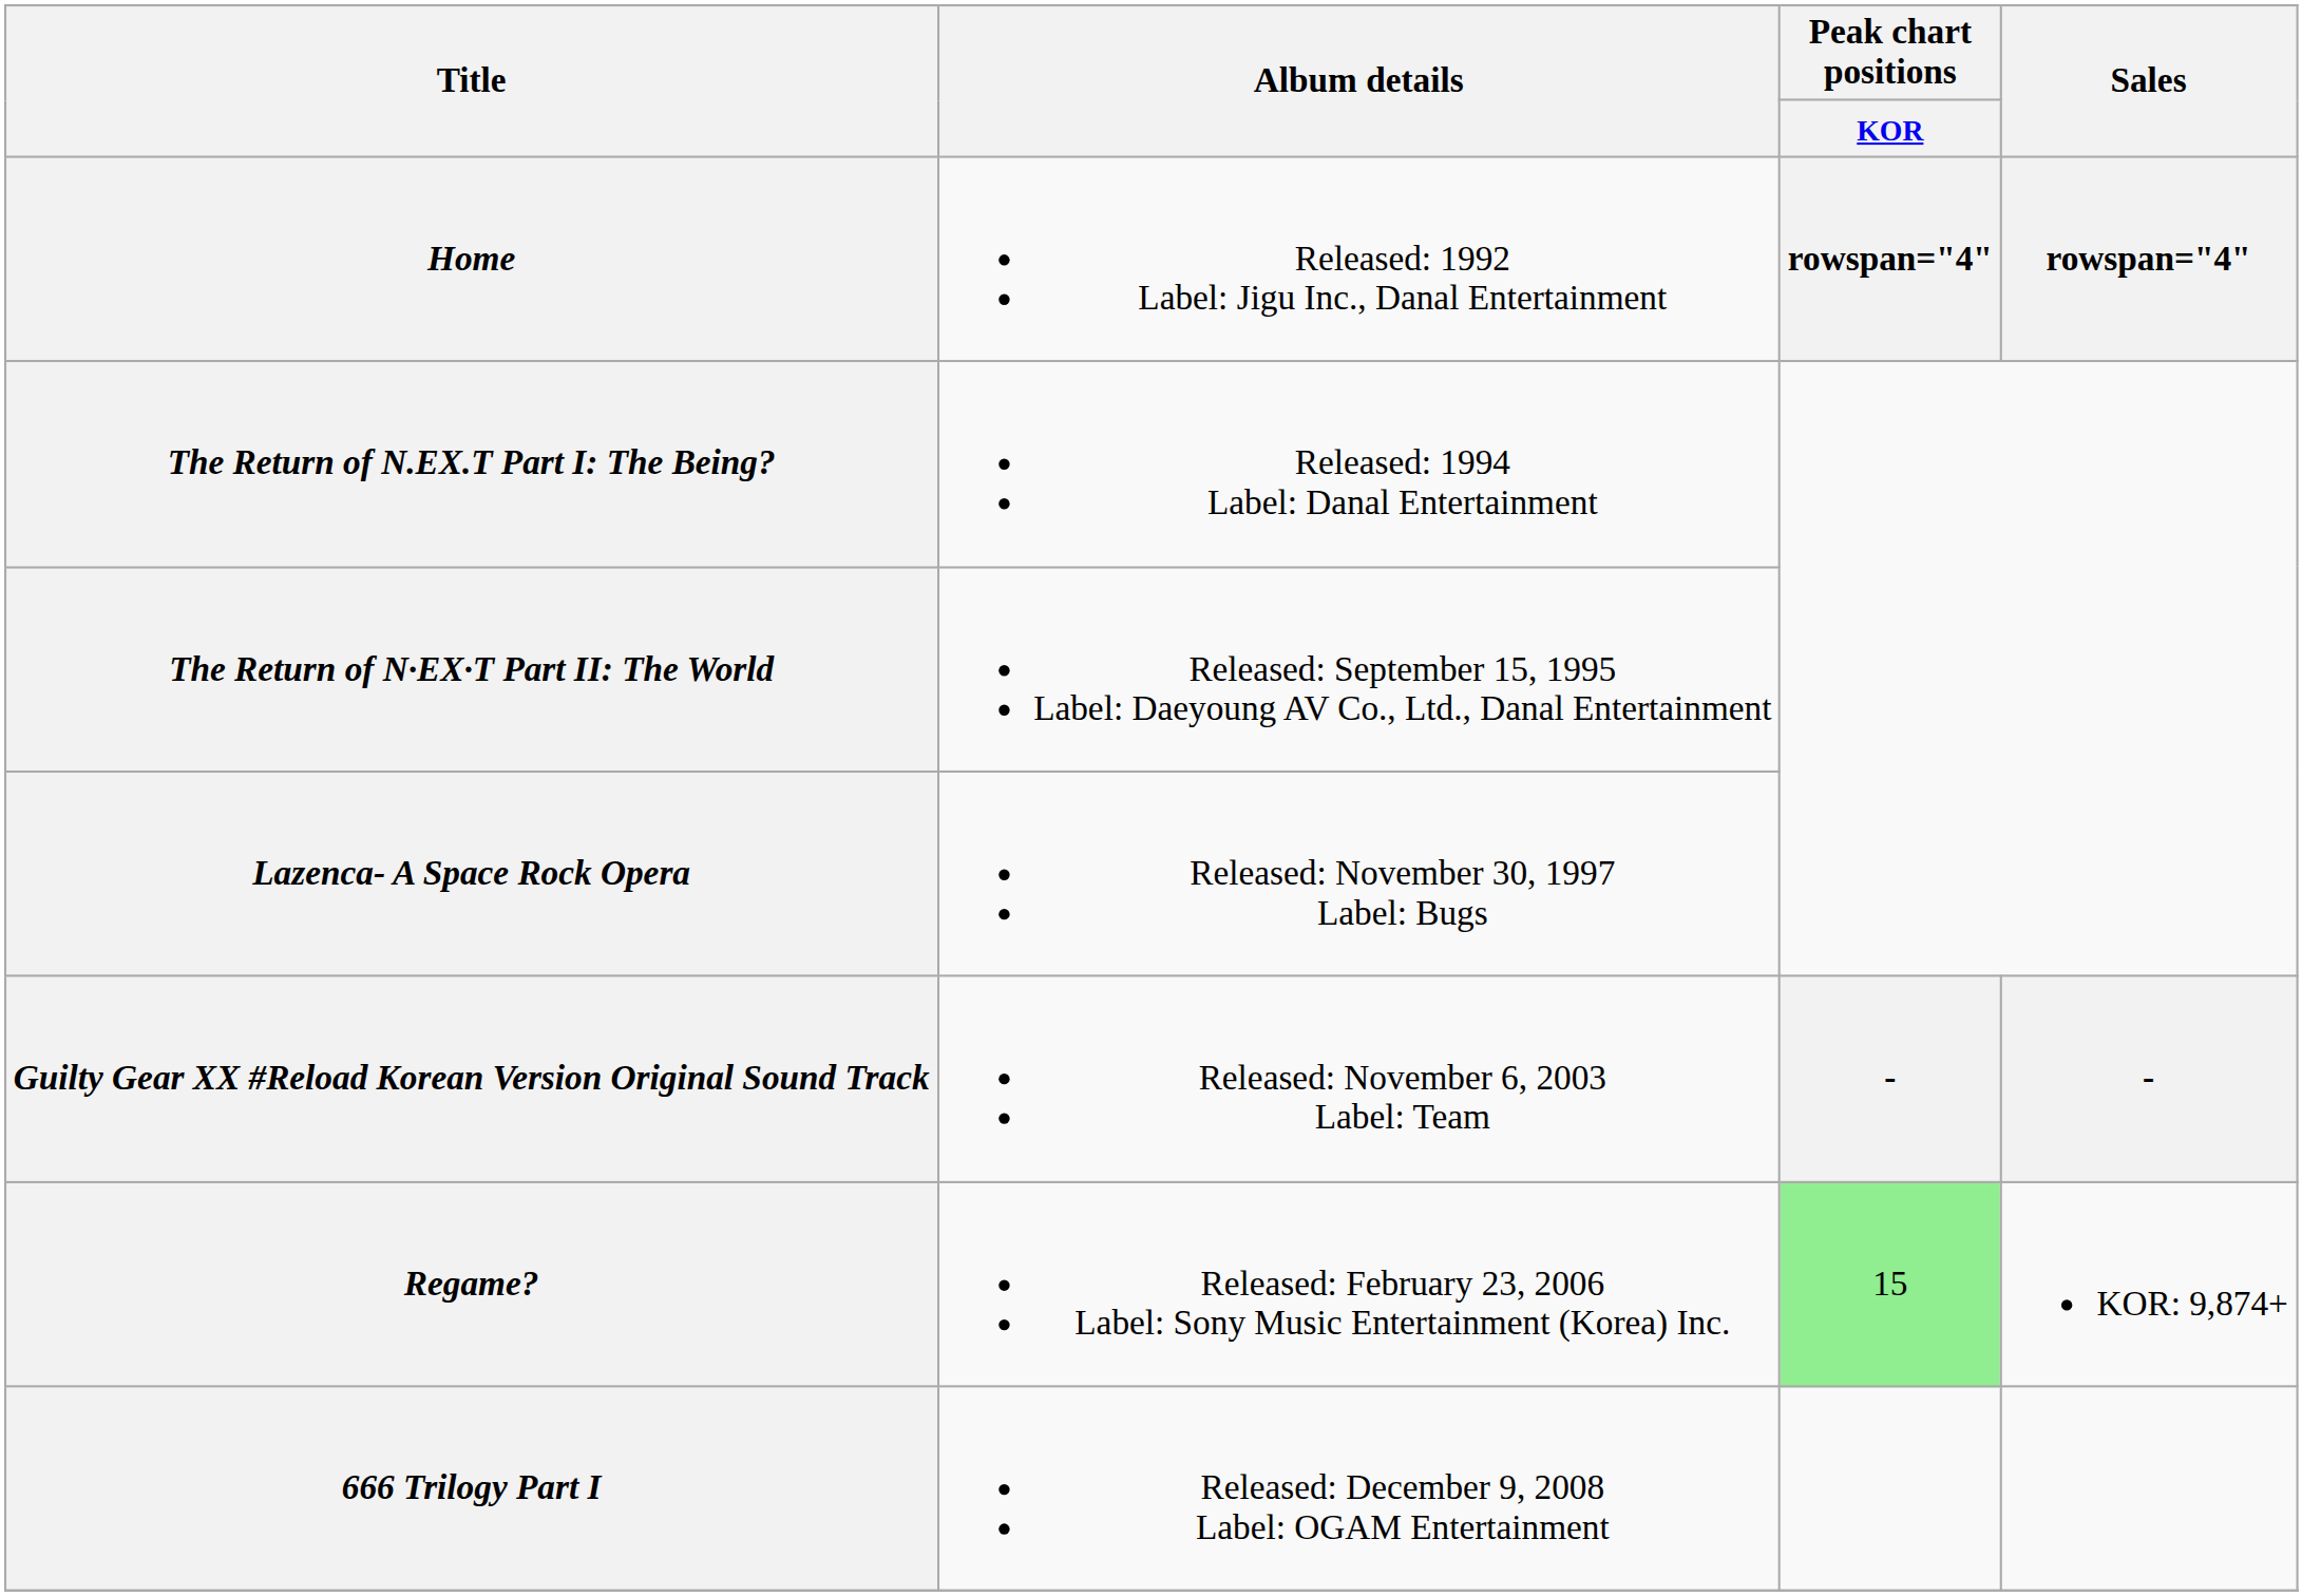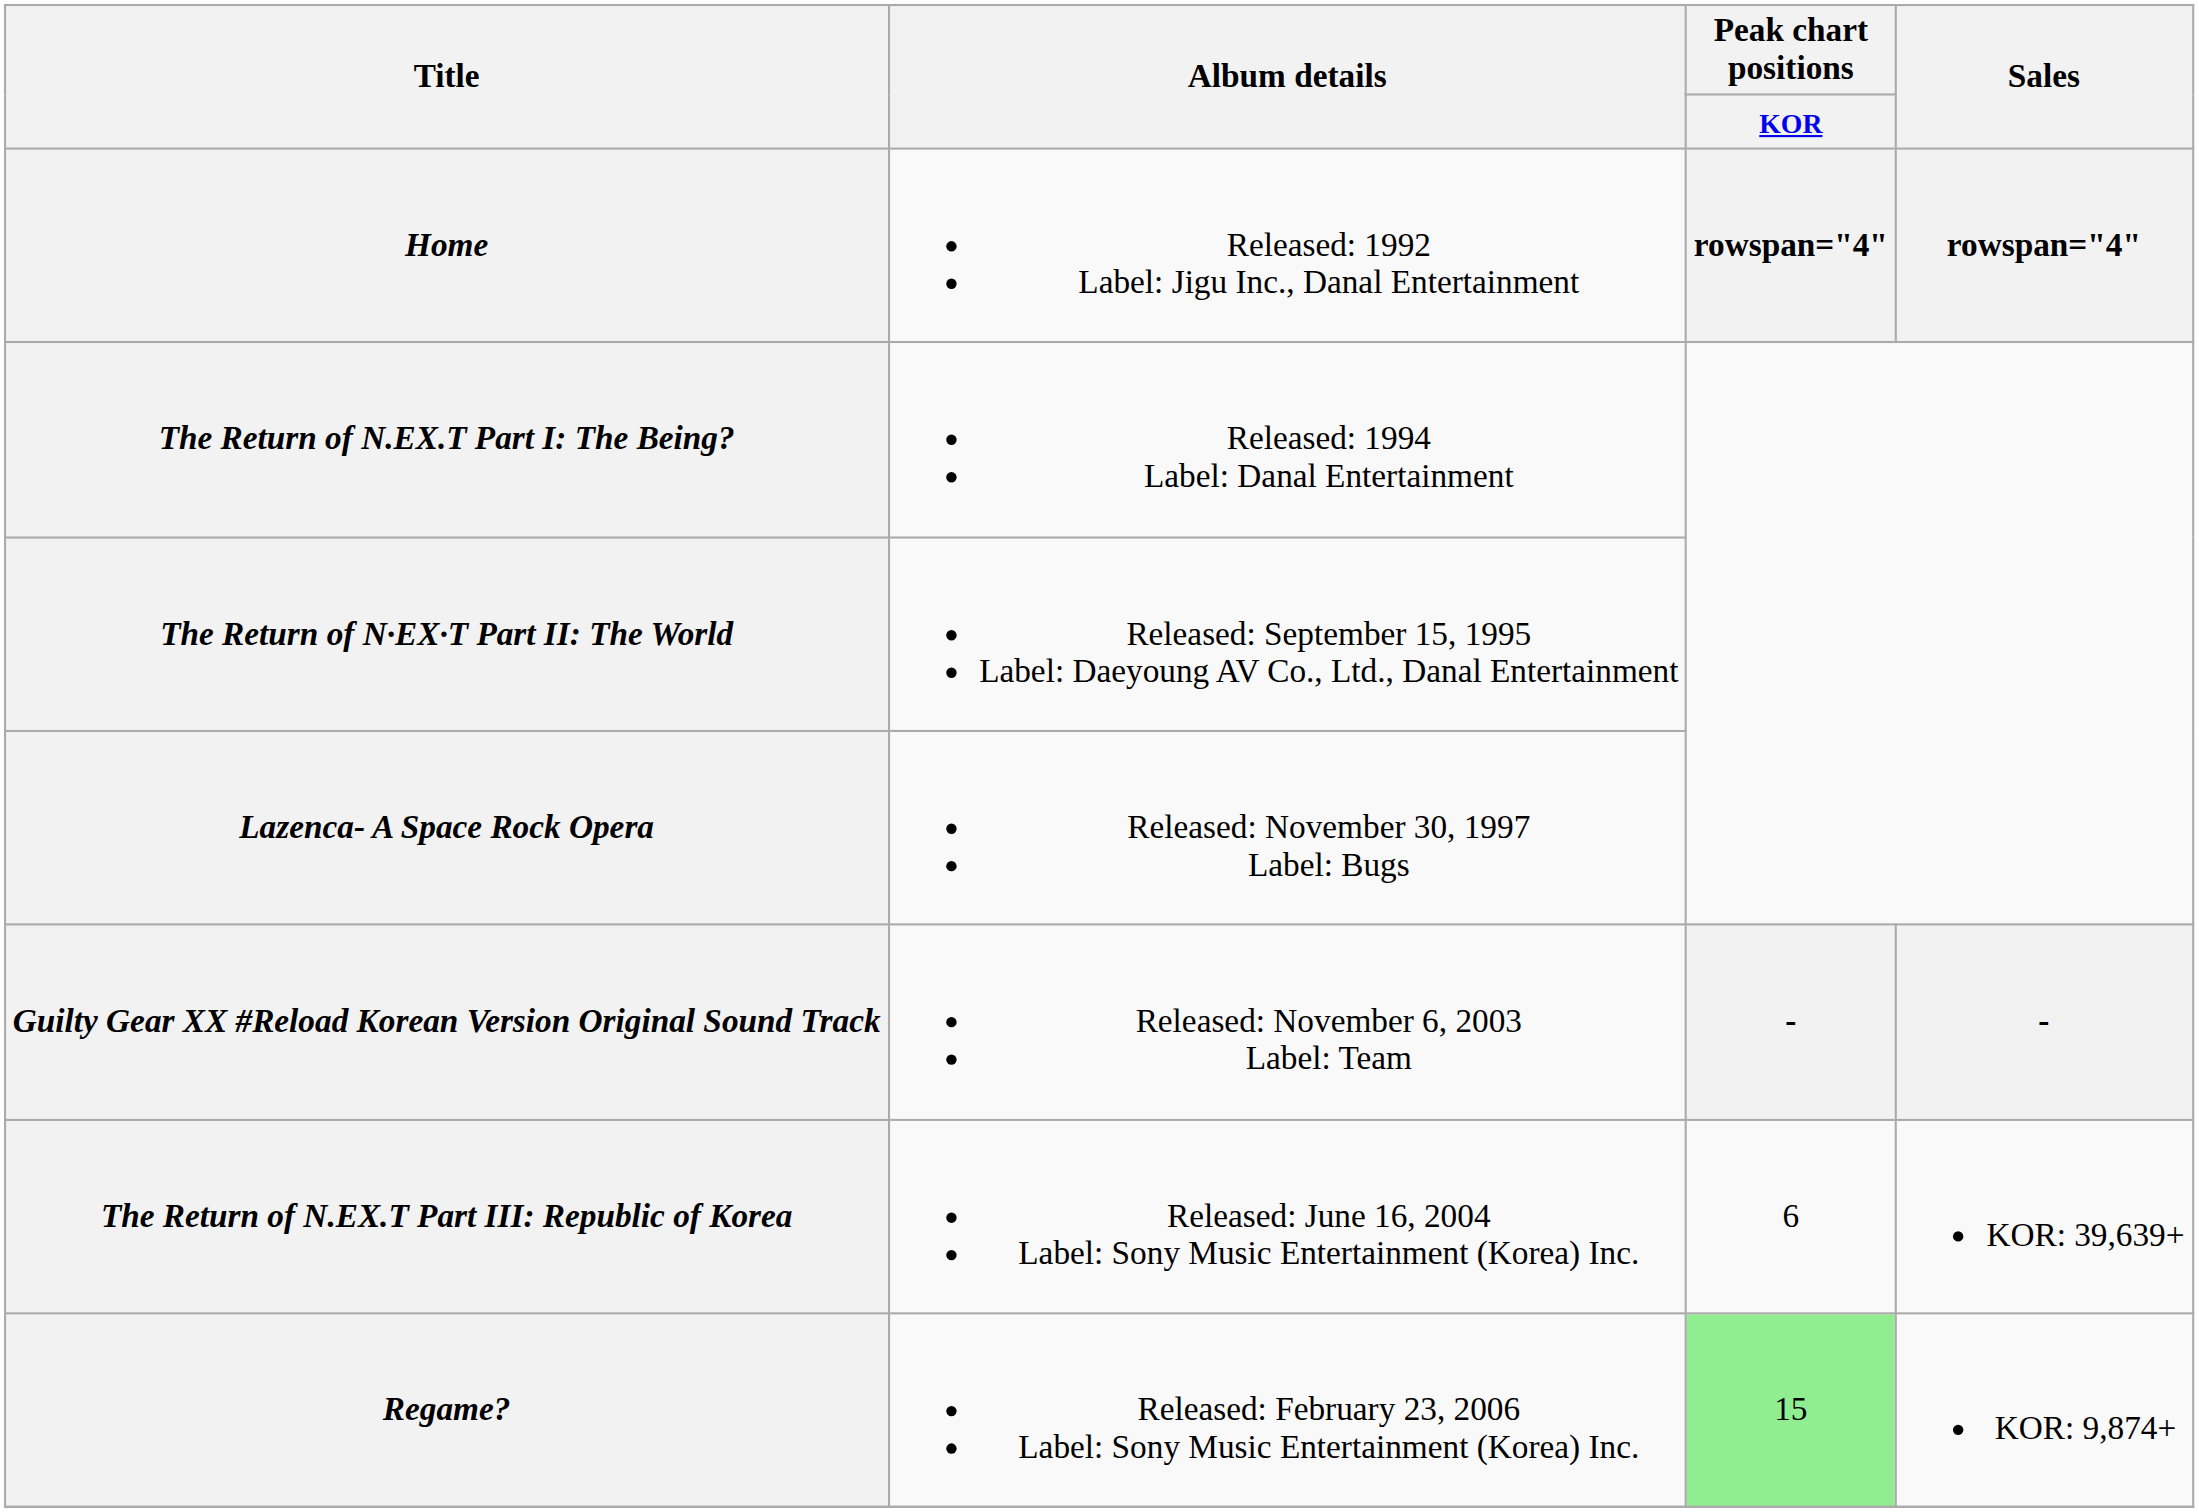 <table class="wikitable plainrowheaders" style="text-align:center;">
 <tr>
 <th scope="col" rowspan="2">Title</th>
 <th scope="col" rowspan="2">Album details</th>
 <th scope="col" colspan="1" style="width:5em;">Peak chart positions</th>
 <th scope="col" rowspan="2">Sales</th>
 </tr>
 <tr>
 <th><small><a href='#'>KOR</a></small><br></th>
 </tr>
 <tr>
 <th scope="row"><em>Home</em></th>
 <td><br><ul><li>Released: 1992</li><li>Label: Jigu Inc., Danal Entertainment</li></ul></td>
 <th>rowspan="4" </th>
 <th>rowspan="4" </th>
 </tr>
 <tr>
 <th scope="row"><em>The Return of N.EX.T Part I: The Being?</em></th>
 <td><br><ul><li>Released: 1994</li><li>Label: Danal Entertainment</li></ul></td>
 </tr>
 <tr>
 <th scope="row"><em>The Return of N·EX·T Part II: The World</em></th>
 <td><br><ul><li>Released: September 15, 1995</li><li>Label: Daeyoung AV Co., Ltd., Danal Entertainment</li></ul></td>
 </tr>
 <tr>
 <th scope="row"><em>Lazenca- A Space Rock Opera</em></th>
 <td><br><ul><li>Released: November 30, 1997</li><li>Label: Bugs</li></ul></td>
 </tr>
 <tr>
 <th scope="row"><em>Guilty Gear XX #Reload Korean Version Original Sound Track</em></th>
 <td><br><ul><li>Released: November 6, 2003</li><li>Label: Team</li></ul></td>
 <th>-</th>
 <th>-</th>
 </tr>
 <tr>
+<th scope="row"><em>The Return of N.EX.T Part III: Republic of Korea</em></th>
+<td><br><ul><li>Released: June 16, 2004</li><li>Label: Sony Music Entertainment (Korea) Inc.</li></ul></td>
+<td>6</td>
+<td><br><ul><li>KOR: 39,639+</li></ul></td>
+</tr>
+<tr>
 <th scope="row"><em>Regame?</em></th>
 <td><br><ul><li>Released: February 23, 2006</li><li>Label: Sony Music Entertainment (Korea) Inc.</li></ul></td>
 <td style="background: lightgreen;">15</td>
 <td><br><ul><li>KOR: 9,874+</li></ul></td>
 </tr>
 <tr>
-<th scope="row"><em>666 Trilogy Part I</em></th>
-<td><br><ul><li>Released: December 9, 2008</li><li>Label: OGAM Entertainment</li></ul></td>
-<td></td>
-<td></td>
-</tr>
-<tr>
 </tr>
 </table>
